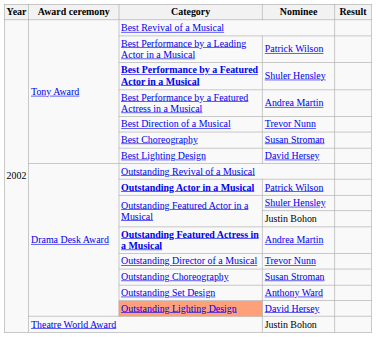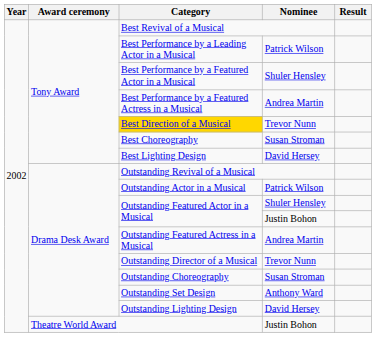 <table class="wikitable" width="95%">
 <tr>
 <th width="5%">Year</th>
 <th width="25%">Award ceremony</th>
 <th width="40%">Category</th>
 <th width="20%">Nominee</th>
 <th width="10%">Result</th>
 </tr>
 <tr>
 <td rowspan="17" align="center">2002</td>
 <td rowspan="7"><a href='#'>Tony Award</a></td>
 <td colspan="2"><a href='#'>Best Revival of a Musical</a></td>
 <td></td>
 </tr>
 <tr>
 <td><a href='#'>Best Performance by a Leading Actor in a Musical</a></td>
 <td><a href='#'>Patrick Wilson</a></td>
 <td></td>
 </tr>
 <tr>
-<td><strong><a href='#'>Best Performance by a Featured Actor in a Musical</a></strong></td>
+<td><a href='#'>Best Performance by a Featured Actor in a Musical</a></td>
 <td><a href='#'>Shuler Hensley</a></td>
 <td></td>
 </tr>
 <tr>
 <td><a href='#'>Best Performance by a Featured Actress in a Musical</a></td>
 <td><a href='#'>Andrea Martin</a></td>
 <td></td>
 </tr>
 <tr>
-<td><a href='#'>Best Direction of a Musical</a></td>
+<td style="background: gold;"><a href='#'>Best Direction of a Musical</a></td>
 <td><a href='#'>Trevor Nunn</a></td>
 <td></td>
 </tr>
 <tr>
 <td><a href='#'>Best Choreography</a></td>
 <td><a href='#'>Susan Stroman</a></td>
 <td></td>
 </tr>
 <tr>
 <td><a href='#'>Best Lighting Design</a></td>
 <td><a href='#'>David Hersey</a></td>
 <td></td>
 </tr>
 <tr>
 <td rowspan="9"><a href='#'>Drama Desk Award</a></td>
 <td colspan="2"><a href='#'>Outstanding Revival of a Musical</a></td>
 <td></td>
 </tr>
 <tr>
-<td><strong><a href='#'>Outstanding Actor in a Musical</a></strong></td>
+<td><a href='#'>Outstanding Actor in a Musical</a></td>
 <td><a href='#'>Patrick Wilson</a></td>
 <td></td>
 </tr>
 <tr>
 <td rowspan="2"><a href='#'>Outstanding Featured Actor in a Musical</a></td>
 <td><a href='#'>Shuler Hensley</a></td>
 <td></td>
 </tr>
 <tr>
 <td>Justin Bohon</td>
 <td></td>
 </tr>
 <tr>
-<td><strong><a href='#'>Outstanding Featured Actress in a Musical</a></strong></td>
+<td><a href='#'>Outstanding Featured Actress in a Musical</a></td>
 <td><a href='#'>Andrea Martin</a></td>
 <td></td>
 </tr>
 <tr>
 <td><a href='#'>Outstanding Director of a Musical</a></td>
 <td><a href='#'>Trevor Nunn</a></td>
 <td></td>
 </tr>
 <tr>
 <td><a href='#'>Outstanding Choreography</a></td>
 <td><a href='#'>Susan Stroman</a></td>
 <td></td>
 </tr>
 <tr>
 <td><a href='#'>Outstanding Set Design</a></td>
 <td><a href='#'>Anthony Ward</a></td>
 <td></td>
 </tr>
 <tr>
-<td style="background: lightsalmon;"><a href='#'>Outstanding Lighting Design</a></td>
+<td><a href='#'>Outstanding Lighting Design</a></td>
 <td><a href='#'>David Hersey</a></td>
 <td></td>
 </tr>
 <tr>
 <td colspan="2"><a href='#'>Theatre World Award</a></td>
 <td>Justin Bohon</td>
 <td></td>
 </tr>
 </table>
